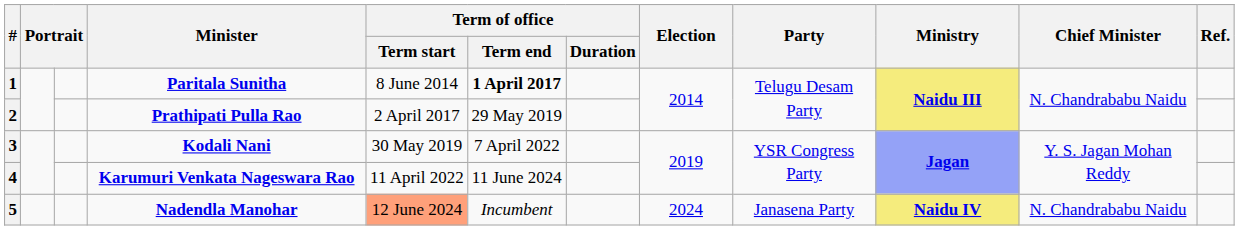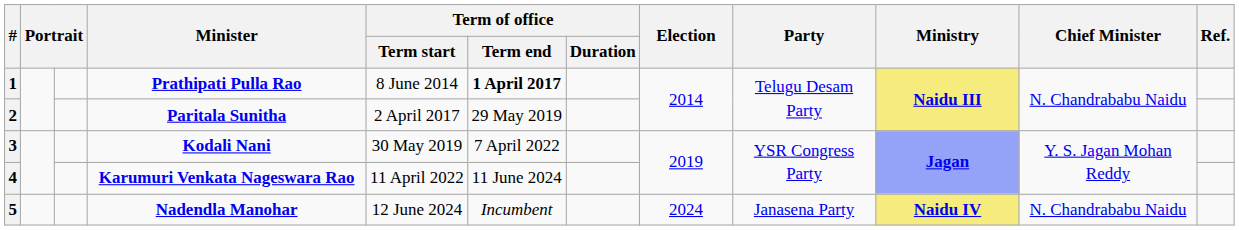 <table class="wikitable" style="line-height:1.4em; text-align:center">
 <tr>
 <th rowspan=2>#</th>
 <th rowspan=2 colspan="2">Portrait</th>
 <th rowspan=2 style="width:16em">Minister<br></th>
 <th colspan="3">Term of office</th>
 <th rowspan=2 style="width:5em">Election<br></th>
 <th rowspan=2 style="width:8em">Party</th>
 <th rowspan=2 style="width:8em">Ministry</th>
 <th rowspan=2 style="width:10em">Chief Minister</th>
 <th rowspan=2>Ref.</th>
 </tr>
 <tr>
 <th>Term start</th>
 <th>Term end</th>
 <th>Duration</th>
 </tr>
 <tr>
 <th>1</th>
 <td rowspan=2></td>
 <td></td>
-<td><strong><a href='#'>Paritala Sunitha</a></strong><br></td>
+<td><strong><a href='#'>Prathipati Pulla Rao</a></strong><br></td>
 <td>8 June 2014</td>
 <td><strong>1 April 2017</strong></td>
 <td><strong></strong></td>
 <td rowspan=2><a href='#'>2014</a><br></td>
 <td rowspan=2><a href='#'>Telugu Desam Party</a></td>
 <td rowspan=2 bgcolor="#F5EC7D"><strong><a href='#'>Naidu III</a></strong></td>
 <td rowspan=2><a href='#'>N. Chandrababu Naidu</a></td>
 <td></td>
 </tr>
 <tr>
 <th>2</th>
 <td></td>
-<td><strong><a href='#'>Prathipati Pulla Rao</a></strong><br></td>
+<td><strong><a href='#'>Paritala Sunitha</a></strong><br></td>
 <td>2 April 2017</td>
 <td>29 May 2019</td>
 <td><strong></strong></td>
 <td></td>
 </tr>
 <tr>
 <th>3</th>
 <td rowspan=2></td>
 <td></td>
 <td><strong><a href='#'>Kodali Nani</a></strong><br></td>
 <td>30 May 2019</td>
 <td>7 April 2022</td>
 <td><strong></strong></td>
 <td rowspan=2><a href='#'>2019</a><br></td>
 <td rowspan="2"><a href='#'>YSR Congress Party</a></td>
 <td rowspan=2 bgcolor="#94A2F7"><strong><a href='#'>Jagan</a></strong></td>
 <td rowspan="2"><a href='#'>Y. S. Jagan Mohan Reddy</a></td>
 <td></td>
 </tr>
 <tr>
 <th>4</th>
 <td></td>
 <td><strong><a href='#'>Karumuri Venkata Nageswara Rao</a></strong><br></td>
 <td>11 April 2022</td>
 <td>11 June 2024</td>
 <td><strong></strong></td>
 <td></td>
 </tr>
 <tr>
 <th>5</th>
 <td></td>
 <td></td>
 <td><strong><a href='#'>Nadendla Manohar</a></strong><br></td>
-<td style="background: lightsalmon;">12 June 2024</td>
+<td>12 June 2024</td>
 <td><em>Incumbent</em></td>
 <td><strong></strong></td>
 <td><a href='#'>2024</a><br></td>
 <td><a href='#'>Janasena Party</a></td>
 <td bgcolor="#F5EC7D"><strong><a href='#'>Naidu IV</a></strong></td>
 <td><a href='#'>N. Chandrababu Naidu</a></td>
 <td></td>
 </tr>
 </table>
